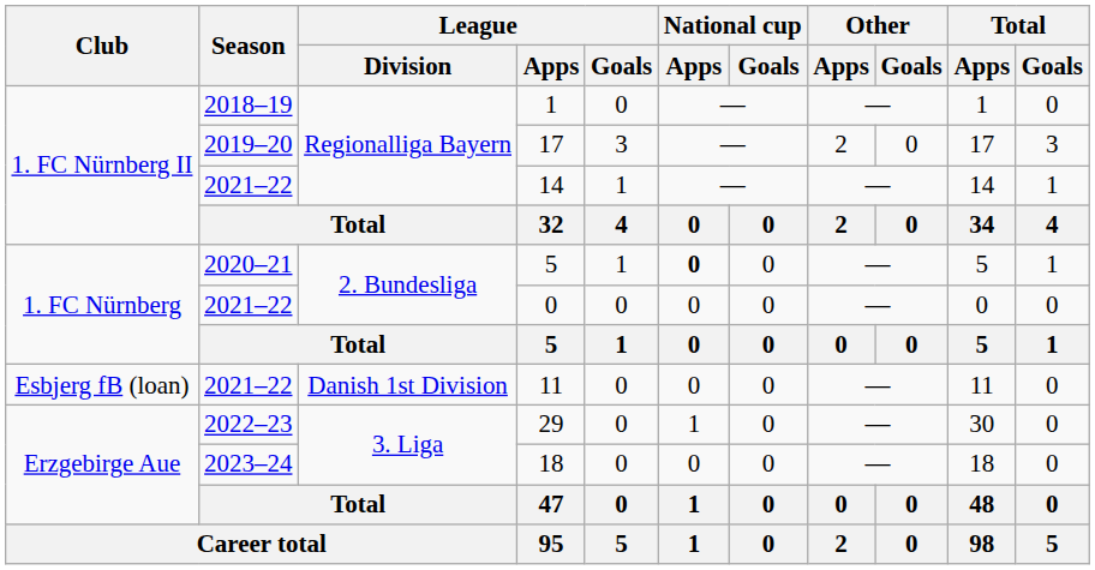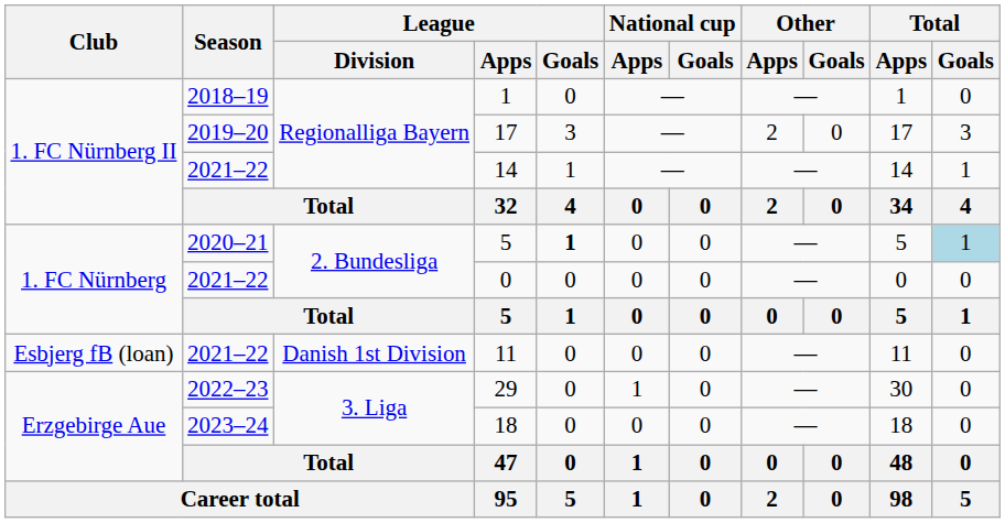 <table class="wikitable" style="text-align:center">
 <tr>
 <th rowspan="2">Club</th>
 <th rowspan="2">Season</th>
 <th colspan="3">League</th>
 <th colspan="2">National cup</th>
 <th colspan="2">Other</th>
 <th colspan="2">Total</th>
 </tr>
 <tr>
 <th>Division</th>
 <th>Apps</th>
 <th>Goals</th>
 <th>Apps</th>
 <th>Goals</th>
 <th>Apps</th>
 <th>Goals</th>
 <th>Apps</th>
 <th>Goals</th>
 </tr>
 <tr>
 <td rowspan="4"><a href='#'>1. FC Nürnberg II</a></td>
 <td><a href='#'>2018–19</a></td>
 <td rowspan="3"><a href='#'>Regionalliga Bayern</a></td>
 <td>1</td>
 <td>0</td>
 <td colspan="2">—</td>
 <td colspan="2">—</td>
 <td>1</td>
 <td>0</td>
 </tr>
 <tr>
 <td><a href='#'>2019–20</a></td>
 <td>17</td>
 <td>3</td>
 <td colspan="2">—</td>
 <td>2</td>
 <td>0</td>
 <td>17</td>
 <td>3</td>
 </tr>
 <tr>
 <td><a href='#'>2021–22</a></td>
 <td>14</td>
 <td>1</td>
 <td colspan="2">—</td>
 <td colspan="2">—</td>
 <td>14</td>
 <td>1</td>
 </tr>
 <tr>
 <th colspan="2">Total</th>
 <th>32</th>
 <th>4</th>
 <th>0</th>
 <th>0</th>
 <th>2</th>
 <th>0</th>
 <th>34</th>
 <th>4</th>
 </tr>
 <tr>
 <td rowspan="3"><a href='#'>1. FC Nürnberg</a></td>
 <td><a href='#'>2020–21</a></td>
 <td rowspan="2"><a href='#'>2. Bundesliga</a></td>
 <td>5</td>
-<td>1</td>
-<td><strong>0</strong></td>
+<td><strong>1</strong></td>
+<td>0</td>
 <td>0</td>
 <td colspan="2">—</td>
 <td>5</td>
-<td>1</td>
+<td style="background: lightblue;">1</td>
 </tr>
 <tr>
 <td><a href='#'>2021–22</a></td>
 <td>0</td>
 <td>0</td>
 <td>0</td>
 <td>0</td>
 <td colspan="2">—</td>
 <td>0</td>
 <td>0</td>
 </tr>
 <tr>
 <th colspan="2">Total</th>
 <th>5</th>
 <th>1</th>
 <th>0</th>
 <th>0</th>
 <th>0</th>
 <th>0</th>
 <th>5</th>
 <th>1</th>
 </tr>
 <tr>
 <td><a href='#'>Esbjerg fB</a> (loan)</td>
 <td><a href='#'>2021–22</a></td>
 <td><a href='#'>Danish 1st Division</a></td>
 <td>11</td>
 <td>0</td>
 <td>0</td>
 <td>0</td>
 <td colspan="2">—</td>
 <td>11</td>
 <td>0</td>
 </tr>
 <tr>
 <td rowspan="3"><a href='#'>Erzgebirge Aue</a></td>
 <td><a href='#'>2022–23</a></td>
 <td rowspan="2"><a href='#'>3. Liga</a></td>
 <td>29</td>
 <td>0</td>
 <td>1</td>
 <td>0</td>
 <td colspan="2">—</td>
 <td>30</td>
 <td>0</td>
 </tr>
 <tr>
 <td><a href='#'>2023–24</a></td>
 <td>18</td>
 <td>0</td>
 <td>0</td>
 <td>0</td>
 <td colspan="2">—</td>
 <td>18</td>
 <td>0</td>
 </tr>
 <tr>
 <th colspan="2">Total</th>
 <th>47</th>
 <th>0</th>
 <th>1</th>
 <th>0</th>
 <th>0</th>
 <th>0</th>
 <th>48</th>
 <th>0</th>
 </tr>
 <tr>
 <th colspan="3">Career total</th>
 <th>95</th>
 <th>5</th>
 <th>1</th>
 <th>0</th>
 <th>2</th>
 <th>0</th>
 <th>98</th>
 <th>5</th>
 </tr>
 </table>
